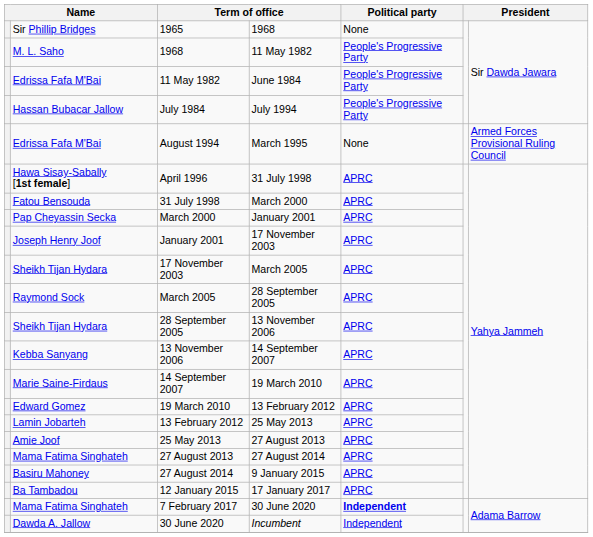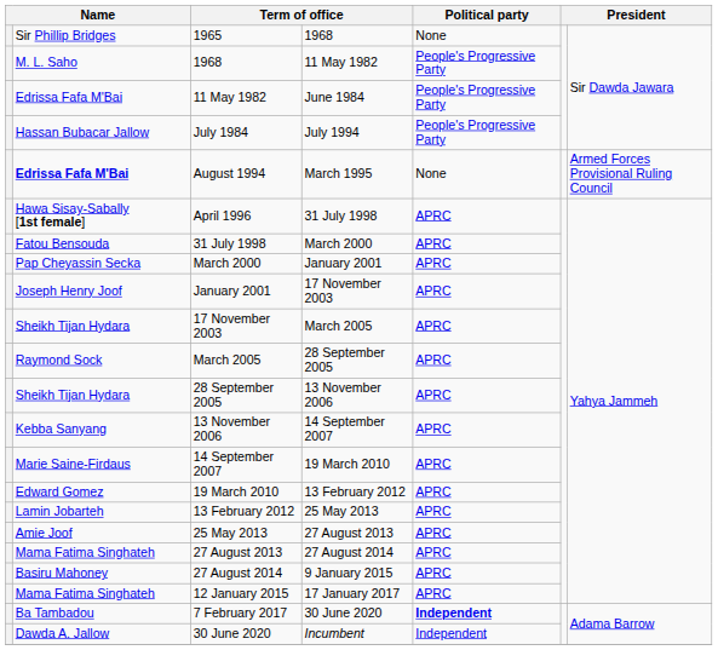 <table class="wikitable" width="70%">
 <tr>
 <th colspan="2" width="25%">Name<br></th>
 <th colspan="2" width="30%">Term of office</th>
 <th width="20%">Political party</th>
 <th colspan="2" width="20%">President</th>
 </tr>
 <tr>
 <th style="background-color: "></th>
 <td>Sir <a href='#'>Phillip Bridges</a><br></td>
 <td>1965</td>
 <td>1968</td>
 <td>None</td>
 <td rowspan="4" style="background-color: "></td>
 <td rowspan="4">Sir <a href='#'>Dawda Jawara</a></td>
 </tr>
 <tr>
 <th style="background-color: "></th>
 <td><a href='#'>M. L. Saho</a><br></td>
 <td>1968</td>
 <td>11 May 1982</td>
 <td><a href='#'>People's Progressive Party</a></td>
 </tr>
 <tr>
 <th style="background-color: "></th>
 <td><a href='#'>Edrissa Fafa M'Bai</a><br></td>
 <td>11 May 1982</td>
 <td>June 1984</td>
 <td><a href='#'>People's Progressive Party</a></td>
 </tr>
 <tr>
 <th style="background-color: "></th>
 <td><a href='#'>Hassan Bubacar Jallow</a><br></td>
 <td>July 1984</td>
 <td>July 1994</td>
 <td><a href='#'>People's Progressive Party</a></td>
 </tr>
 <tr>
 <th style="background-color: "></th>
-<td><a href='#'>Edrissa Fafa M'Bai</a><br></td>
+<td><strong><a href='#'>Edrissa Fafa M'Bai</a><br></strong></td>
 <td>August 1994</td>
 <td>March 1995</td>
 <td>None</td>
 <td style="background-color: "></td>
 <td><a href='#'>Armed Forces Provisional Ruling Council</a></td>
 </tr>
 <tr>
 <th style="background-color: "></th>
 <td><a href='#'>Hawa Sisay-Sabally</a><br> [<strong>1st female</strong>]</td>
 <td>April 1996</td>
 <td>31 July 1998</td>
 <td><a href='#'>APRC</a></td>
 <td rowspan="15" style="background-color: "></td>
 <td rowspan="15"><a href='#'>Yahya Jammeh</a></td>
 </tr>
 <tr>
 <th style="background-color: "></th>
 <td><a href='#'>Fatou Bensouda</a><br></td>
 <td>31 July 1998</td>
 <td>March 2000</td>
 <td><a href='#'>APRC</a></td>
 </tr>
 <tr>
 <th style="background-color: "></th>
 <td><a href='#'>Pap Cheyassin Secka</a><br></td>
 <td>March 2000</td>
 <td>January 2001</td>
 <td><a href='#'>APRC</a></td>
 </tr>
 <tr>
 <th style="background-color: "></th>
 <td><a href='#'>Joseph Henry Joof</a><br></td>
 <td>January 2001</td>
 <td>17 November 2003</td>
 <td><a href='#'>APRC</a></td>
 </tr>
 <tr>
 <th style="background-color: "></th>
 <td><a href='#'>Sheikh Tijan Hydara</a><br></td>
 <td>17 November 2003</td>
 <td>March 2005</td>
 <td><a href='#'>APRC</a></td>
 </tr>
 <tr>
 <th style="background-color: "></th>
 <td><a href='#'>Raymond Sock</a><br></td>
 <td>March 2005</td>
 <td>28 September 2005</td>
 <td><a href='#'>APRC</a></td>
 </tr>
 <tr>
 <th style="background-color: "></th>
 <td><a href='#'>Sheikh Tijan Hydara</a><br></td>
 <td>28 September 2005</td>
 <td>13 November 2006</td>
 <td><a href='#'>APRC</a></td>
 </tr>
 <tr>
 <th style="background-color: "></th>
 <td><a href='#'>Kebba Sanyang</a><br></td>
 <td>13 November 2006</td>
 <td>14 September 2007</td>
 <td><a href='#'>APRC</a></td>
 </tr>
 <tr>
 <th style="background-color: "></th>
 <td><a href='#'>Marie Saine-Firdaus</a><br></td>
 <td>14 September 2007</td>
 <td>19 March 2010</td>
 <td><a href='#'>APRC</a></td>
 </tr>
 <tr>
 <th style="background-color: "></th>
 <td><a href='#'>Edward Gomez</a><br></td>
 <td>19 March 2010</td>
 <td>13 February 2012</td>
 <td><a href='#'>APRC</a></td>
 </tr>
 <tr>
 <th style="background-color: "></th>
 <td><a href='#'>Lamin Jobarteh</a><br></td>
 <td>13 February 2012</td>
 <td>25 May 2013</td>
 <td><a href='#'>APRC</a></td>
 </tr>
 <tr>
 <th style="background-color: "></th>
 <td><a href='#'>Amie Joof</a><br></td>
 <td>25 May 2013</td>
 <td>27 August 2013</td>
 <td><a href='#'>APRC</a></td>
 </tr>
 <tr>
 <th style="background-color: "></th>
 <td><a href='#'>Mama Fatima Singhateh</a><br></td>
 <td>27 August 2013</td>
 <td>27 August 2014</td>
 <td><a href='#'>APRC</a></td>
 </tr>
 <tr>
 <th style="background-color: "></th>
 <td><a href='#'>Basiru Mahoney</a><br></td>
 <td>27 August 2014</td>
 <td>9 January 2015</td>
 <td><a href='#'>APRC</a></td>
 </tr>
 <tr>
 <th style="background-color: "></th>
-<td><a href='#'>Ba Tambadou</a><br></td>
+<td><a href='#'>Mama Fatima Singhateh</a><br></td>
 <td>12 January 2015</td>
 <td>17 January 2017</td>
 <td><a href='#'>APRC</a></td>
 </tr>
 <tr>
 <th style="background-color: "></th>
-<td><a href='#'>Mama Fatima Singhateh</a><br></td>
+<td><a href='#'>Ba Tambadou</a><br></td>
 <td>7 February 2017</td>
 <td>30 June 2020</td>
 <td><strong><a href='#'>Independent</a></strong></td>
 <td rowspan="2" style="background-color: "></td>
 <td rowspan="2"><a href='#'>Adama Barrow</a></td>
 </tr>
 <tr>
 <th style="background-color: "></th>
 <td><a href='#'>Dawda A. Jallow</a><br></td>
 <td>30 June 2020</td>
 <td><em>Incumbent</em></td>
 <td><a href='#'>Independent</a></td>
 </tr>
 <tr>
 </tr>
 </table>
